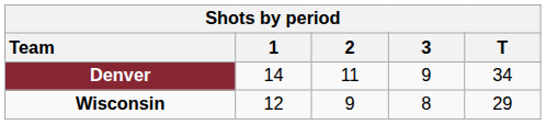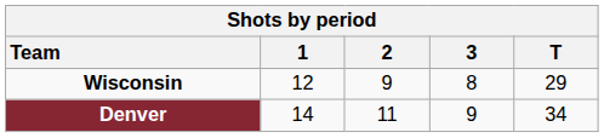 <table class="wikitable" style="width:30em; text-align:right;">
 <tr>
 <th colspan=5>Shots by period</th>
 </tr>
 <tr>
 <th style="width:10em; text-align:left;">Team</th>
 <th style="width:3em;">1</th>
 <th style="width:3em;">2</th>
 <th style="width:3em;">3</th>
 <th style="width:3em;">T</th>
 </tr>
 <tr>
+<td align=center><strong>Wisconsin</strong></td>
+<td align=center>12</td>
+<td align=center>9</td>
+<td align=center>8</td>
+<td align=center>29</td>
+</tr>
+<tr>
 <td align=center style="color:white; background:#862633; "><strong>Denver</strong></td>
 <td align=center>14</td>
 <td align=center>11</td>
 <td align=center>9</td>
 <td align=center>34</td>
 </tr>
-<tr>
-<td align=center><strong>Wisconsin</strong></td>
-<td align=center>12</td>
-<td align=center>9</td>
-<td align=center>8</td>
-<td align=center>29</td>
-</tr>
 </table>
